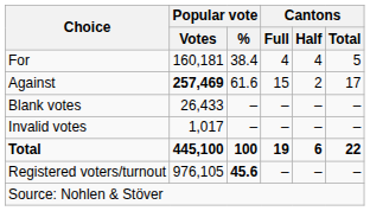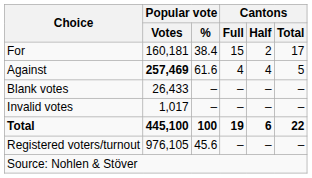 <table class=wikitable style=text-align:right>
 <tr>
 <th rowspan=2>Choice</th>
 <th colspan=2>Popular vote</th>
 <th colspan=3>Cantons</th>
 </tr>
 <tr>
 <th>Votes</th>
 <th>%</th>
 <th>Full</th>
 <th>Half</th>
 <th>Total</th>
 </tr>
 <tr>
 <td align=left>For</td>
 <td>160,181</td>
 <td>38.4</td>
-<td>4</td>
-<td>4</td>
-<td>5</td>
+<td>15</td>
+<td>2</td>
+<td>17</td>
 </tr>
 <tr>
 <td align=left>Against</td>
 <td><strong>257,469</strong></td>
 <td>61.6</td>
-<td>15</td>
-<td>2</td>
-<td>17</td>
+<td>4</td>
+<td>4</td>
+<td>5</td>
 </tr>
 <tr>
 <td align=left>Blank votes</td>
 <td>26,433</td>
 <td>–</td>
 <td>–</td>
 <td>–</td>
 <td>–</td>
 </tr>
 <tr>
 <td align=left>Invalid votes</td>
 <td>1,017</td>
 <td>–</td>
 <td>–</td>
 <td>–</td>
 <td>–</td>
 </tr>
 <tr>
 <td align=left><strong>Total</strong></td>
 <td><strong>445,100</strong></td>
 <td><strong>100</strong></td>
 <td><strong>19</strong></td>
 <td><strong>6</strong></td>
 <td><strong>22</strong></td>
 </tr>
 <tr>
 <td align=left>Registered voters/turnout</td>
 <td>976,105</td>
-<td><strong>45.6</strong></td>
+<td>45.6</td>
 <td>–</td>
 <td>–</td>
 <td>–</td>
 </tr>
 <tr>
 <td align=left colspan=6>Source: Nohlen & Stöver</td>
 </tr>
 </table>
